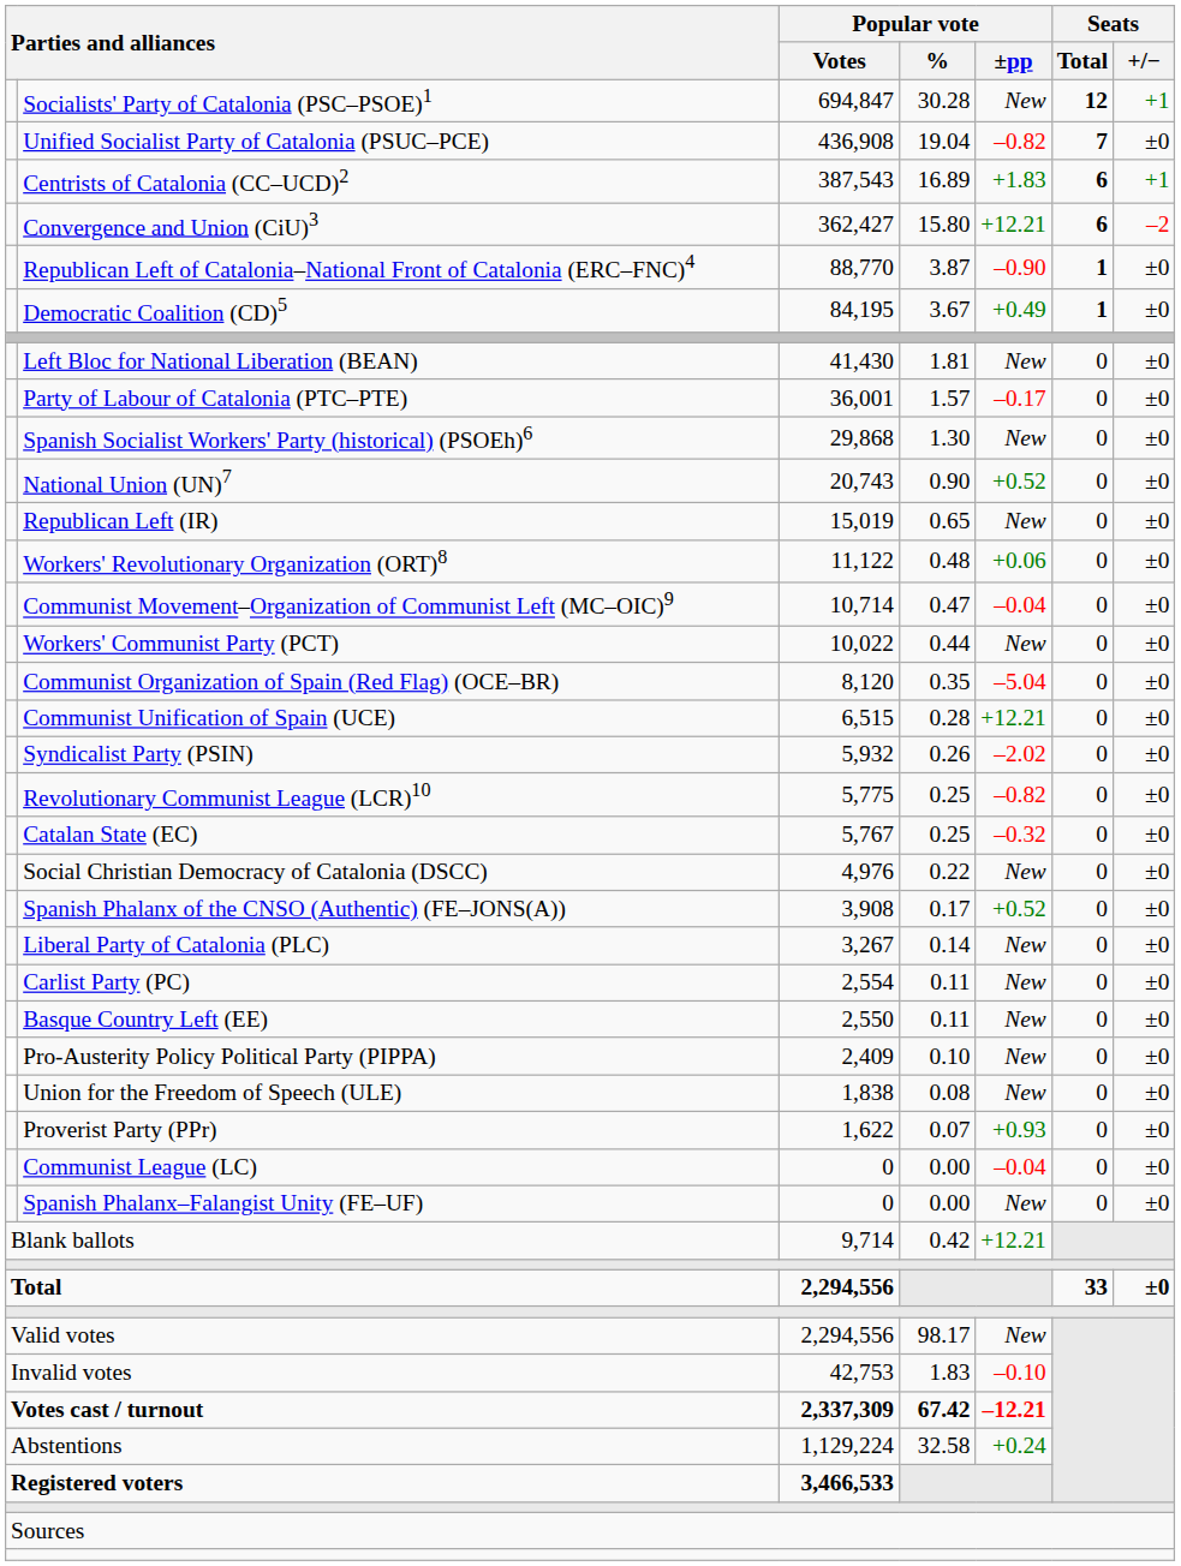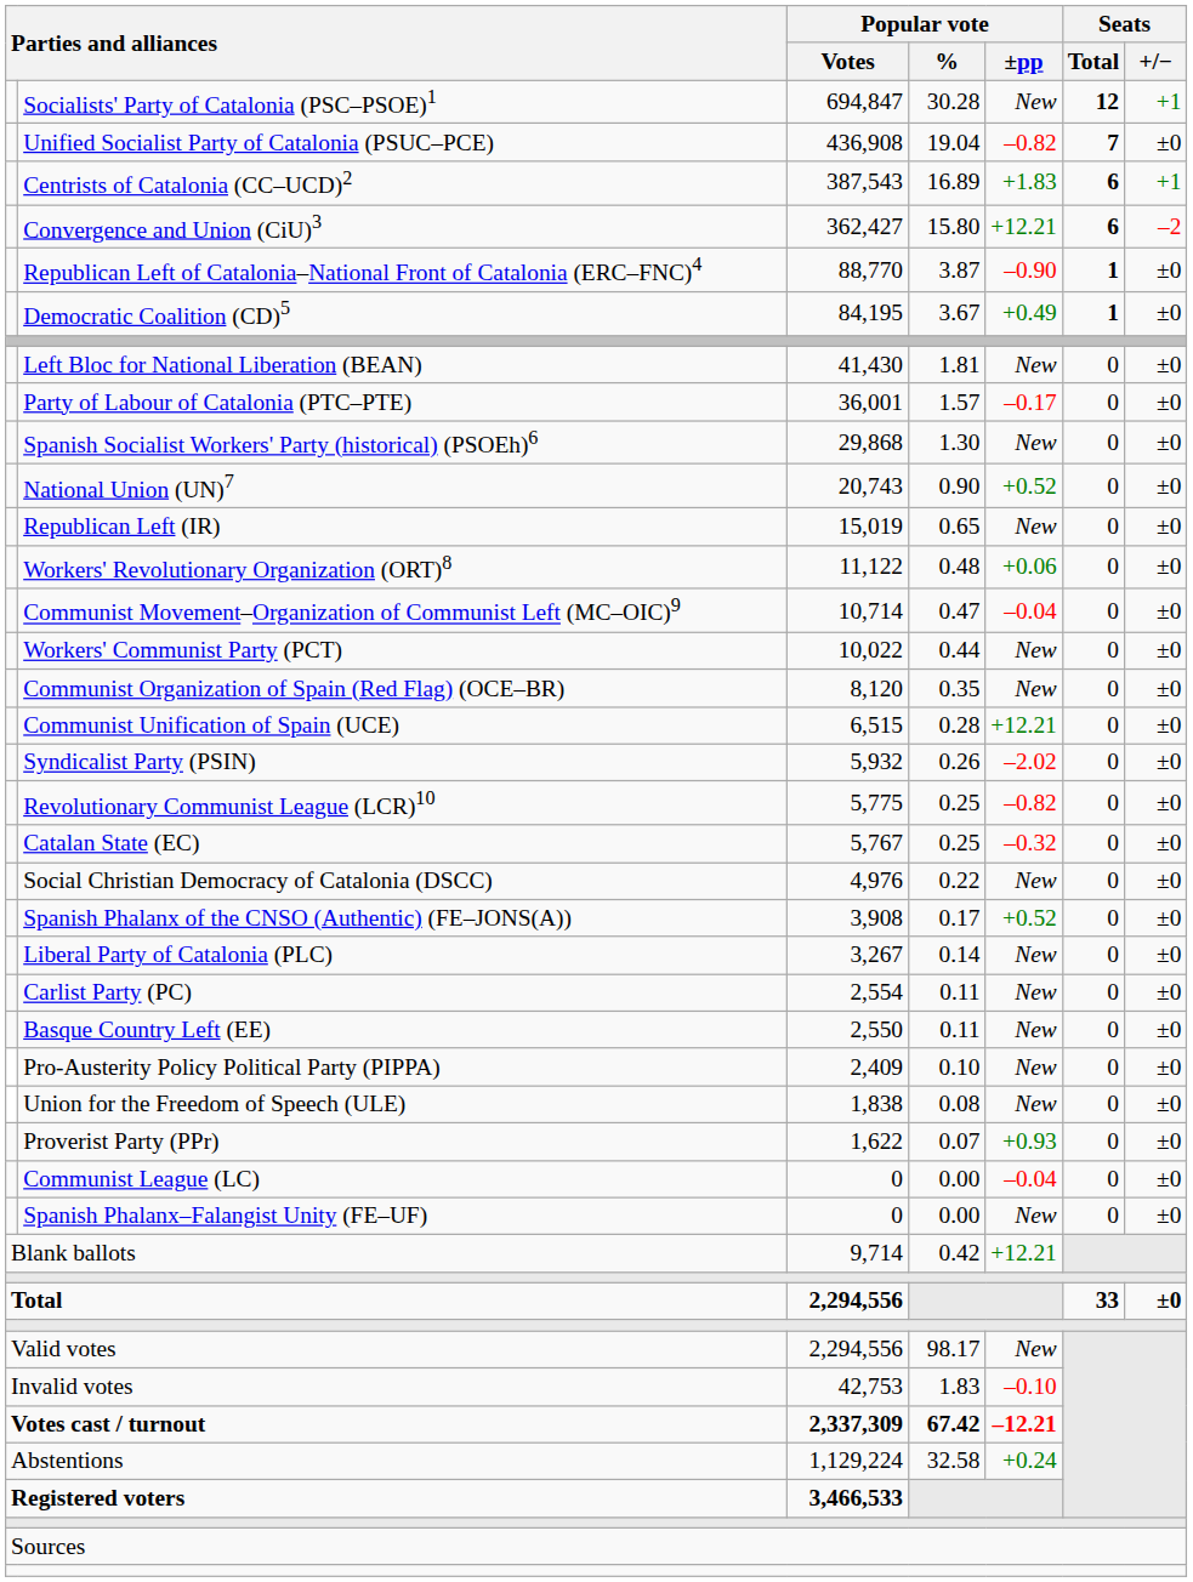 <table class="wikitable" style="text-align:right;">
 <tr>
 <th style="text-align:left;" rowspan="2" colspan="2" width="525">Parties and alliances</th>
 <th colspan="3">Popular vote</th>
 <th colspan="2">Seats</th>
 </tr>
 <tr>
 <th width="75">Votes</th>
 <th width="45">%</th>
 <th width="45">±<a href='#'>pp</a></th>
 <th width="35">Total</th>
 <th width="35">+/−</th>
 </tr>
 <tr>
 <td width="1" style="color:inherit;background:"></td>
 <td align="left"><a href='#'>Socialists' Party of Catalonia</a> (PSC–PSOE)<sup>1</sup></td>
 <td>694,847</td>
 <td>30.28</td>
 <td><em>New</em></td>
 <td><strong>12</strong></td>
 <td style="color:green;">+1</td>
 </tr>
 <tr>
 <td style="color:inherit;background:"></td>
 <td align="left"><a href='#'>Unified Socialist Party of Catalonia</a> (PSUC–PCE)</td>
 <td>436,908</td>
 <td>19.04</td>
 <td style="color:red;">–0.82</td>
 <td><strong>7</strong></td>
 <td>±0</td>
 </tr>
 <tr>
 <td style="color:inherit;background:"></td>
 <td align="left"><a href='#'>Centrists of Catalonia</a> (CC–UCD)<sup>2</sup></td>
 <td>387,543</td>
 <td>16.89</td>
 <td style="color:green;">+1.83</td>
 <td><strong>6</strong></td>
 <td style="color:green;">+1</td>
 </tr>
 <tr>
 <td style="color:inherit;background:"></td>
 <td align="left"><a href='#'>Convergence and Union</a> (CiU)<sup>3</sup></td>
 <td>362,427</td>
 <td>15.80</td>
 <td style="color:green;">+12.21</td>
 <td><strong>6</strong></td>
 <td style="color:red;">–2</td>
 </tr>
 <tr>
 <td style="color:inherit;background:"></td>
 <td align="left"><a href='#'>Republican Left of Catalonia</a>–<a href='#'>National Front of Catalonia</a> (ERC–FNC)<sup>4</sup></td>
 <td>88,770</td>
 <td>3.87</td>
 <td style="color:red;">–0.90</td>
 <td><strong>1</strong></td>
 <td>±0</td>
 </tr>
 <tr>
 <td style="color:inherit;background:"></td>
 <td align="left"><a href='#'>Democratic Coalition</a> (CD)<sup>5</sup></td>
 <td>84,195</td>
 <td>3.67</td>
 <td style="color:green;">+0.49</td>
 <td><strong>1</strong></td>
 <td>±0</td>
 </tr>
 <tr>
 <td colspan="7" bgcolor="#C0C0C0"></td>
 </tr>
 <tr>
 <td style="color:inherit;background:"></td>
 <td align="left"><a href='#'>Left Bloc for National Liberation</a> (BEAN)</td>
 <td>41,430</td>
 <td>1.81</td>
 <td><em>New</em></td>
 <td>0</td>
 <td>±0</td>
 </tr>
 <tr>
 <td style="color:inherit;background:"></td>
 <td align="left"><a href='#'>Party of Labour of Catalonia</a> (PTC–PTE)</td>
 <td>36,001</td>
 <td>1.57</td>
 <td style="color:red;">–0.17</td>
 <td>0</td>
 <td>±0</td>
 </tr>
 <tr>
 <td style="color:inherit;background:"></td>
 <td align="left"><a href='#'>Spanish Socialist Workers' Party (historical)</a> (PSOEh)<sup>6</sup></td>
 <td>29,868</td>
 <td>1.30</td>
 <td><em>New</em></td>
 <td>0</td>
 <td>±0</td>
 </tr>
 <tr>
 <td style="color:inherit;background:"></td>
 <td align="left"><a href='#'>National Union</a> (UN)<sup>7</sup></td>
 <td>20,743</td>
 <td>0.90</td>
 <td style="color:green;">+0.52</td>
 <td>0</td>
 <td>±0</td>
 </tr>
 <tr>
 <td style="color:inherit;background:"></td>
 <td align="left"><a href='#'>Republican Left</a> (IR)</td>
 <td>15,019</td>
 <td>0.65</td>
 <td><em>New</em></td>
 <td>0</td>
 <td>±0</td>
 </tr>
 <tr>
 <td style="color:inherit;background:"></td>
 <td align="left"><a href='#'>Workers' Revolutionary Organization</a> (ORT)<sup>8</sup></td>
 <td>11,122</td>
 <td>0.48</td>
 <td style="color:green;">+0.06</td>
 <td>0</td>
 <td>±0</td>
 </tr>
 <tr>
 <td style="color:inherit;background:"></td>
 <td align="left"><a href='#'>Communist Movement</a>–<a href='#'>Organization of Communist Left</a> (MC–OIC)<sup>9</sup></td>
 <td>10,714</td>
 <td>0.47</td>
 <td style="color:red;">–0.04</td>
 <td>0</td>
 <td>±0</td>
 </tr>
 <tr>
 <td style="color:inherit;background:"></td>
 <td align="left"><a href='#'>Workers' Communist Party</a> (PCT)</td>
 <td>10,022</td>
 <td>0.44</td>
 <td><em>New</em></td>
 <td>0</td>
 <td>±0</td>
 </tr>
 <tr>
 <td style="color:inherit;background:"></td>
 <td align="left"><a href='#'>Communist Organization of Spain (Red Flag)</a> (OCE–BR)</td>
 <td>8,120</td>
 <td>0.35</td>
-<td style="color:red;">–5.04</td>
+<td><em>New</em></td>
 <td>0</td>
 <td>±0</td>
 </tr>
 <tr>
 <td style="color:inherit;background:"></td>
 <td align="left"><a href='#'>Communist Unification of Spain</a> (UCE)</td>
 <td>6,515</td>
 <td>0.28</td>
 <td style="color:green;">+12.21</td>
 <td>0</td>
 <td>±0</td>
 </tr>
 <tr>
 <td style="color:inherit;background:"></td>
 <td align="left"><a href='#'>Syndicalist Party</a> (PSIN)</td>
 <td>5,932</td>
 <td>0.26</td>
 <td style="color:red;">–2.02</td>
 <td>0</td>
 <td>±0</td>
 </tr>
 <tr>
 <td style="color:inherit;background:"></td>
 <td align="left"><a href='#'>Revolutionary Communist League</a> (LCR)<sup>10</sup></td>
 <td>5,775</td>
 <td>0.25</td>
 <td style="color:red;">–0.82</td>
 <td>0</td>
 <td>±0</td>
 </tr>
 <tr>
 <td style="color:inherit;background:"></td>
 <td align="left"><a href='#'>Catalan State</a> (EC)</td>
 <td>5,767</td>
 <td>0.25</td>
 <td style="color:red;">–0.32</td>
 <td>0</td>
 <td>±0</td>
 </tr>
 <tr>
 <td style="color:inherit;background:"></td>
 <td align="left">Social Christian Democracy of Catalonia (DSCC)</td>
 <td>4,976</td>
 <td>0.22</td>
 <td><em>New</em></td>
 <td>0</td>
 <td>±0</td>
 </tr>
 <tr>
 <td style="color:inherit;background:"></td>
 <td align="left"><a href='#'>Spanish Phalanx of the CNSO (Authentic)</a> (FE–JONS(A))</td>
 <td>3,908</td>
 <td>0.17</td>
 <td style="color:green;">+0.52</td>
 <td>0</td>
 <td>±0</td>
 </tr>
 <tr>
 <td style="color:inherit;background:"></td>
 <td align="left"><a href='#'>Liberal Party of Catalonia</a> (PLC)</td>
 <td>3,267</td>
 <td>0.14</td>
 <td><em>New</em></td>
 <td>0</td>
 <td>±0</td>
 </tr>
 <tr>
 <td style="color:inherit;background:"></td>
 <td align="left"><a href='#'>Carlist Party</a> (PC)</td>
 <td>2,554</td>
 <td>0.11</td>
 <td><em>New</em></td>
 <td>0</td>
 <td>±0</td>
 </tr>
 <tr>
 <td style="color:inherit;background:"></td>
 <td align="left"><a href='#'>Basque Country Left</a> (EE)</td>
 <td>2,550</td>
 <td>0.11</td>
 <td><em>New</em></td>
 <td>0</td>
 <td>±0</td>
 </tr>
 <tr>
 <td bgcolor="white"></td>
 <td align="left">Pro-Austerity Policy Political Party (PIPPA)</td>
 <td>2,409</td>
 <td>0.10</td>
 <td><em>New</em></td>
 <td>0</td>
 <td>±0</td>
 </tr>
 <tr>
 <td bgcolor="white"></td>
 <td align="left">Union for the Freedom of Speech (ULE)</td>
 <td>1,838</td>
 <td>0.08</td>
 <td><em>New</em></td>
 <td>0</td>
 <td>±0</td>
 </tr>
 <tr>
 <td style="color:inherit;background:"></td>
 <td align="left">Proverist Party (PPr)</td>
 <td>1,622</td>
 <td>0.07</td>
 <td style="color:green;">+0.93</td>
 <td>0</td>
 <td>±0</td>
 </tr>
 <tr>
 <td style="color:inherit;background:"></td>
 <td align="left"><a href='#'>Communist League</a> (LC)</td>
 <td>0</td>
 <td>0.00</td>
 <td style="color:red;">–0.04</td>
 <td>0</td>
 <td>±0</td>
 </tr>
 <tr>
 <td style="color:inherit;background:"></td>
 <td align="left"><a href='#'>Spanish Phalanx–Falangist Unity</a> (FE–UF)</td>
 <td>0</td>
 <td>0.00</td>
 <td><em>New</em></td>
 <td>0</td>
 <td>±0</td>
 </tr>
 <tr>
 <td align="left" colspan="2">Blank ballots</td>
 <td>9,714</td>
 <td>0.42</td>
 <td style="color:green;">+12.21</td>
 <td bgcolor="#E9E9E9" colspan="2"></td>
 </tr>
 <tr>
 <td colspan="7" bgcolor="#E9E9E9"></td>
 </tr>
 <tr style="font-weight:bold;">
 <td align="left" colspan="2">Total</td>
 <td>2,294,556</td>
 <td bgcolor="#E9E9E9" colspan="2"></td>
 <td>33</td>
 <td>±0</td>
 </tr>
 <tr>
 <td colspan="7" bgcolor="#E9E9E9"></td>
 </tr>
 <tr>
 <td align="left" colspan="2">Valid votes</td>
 <td>2,294,556</td>
 <td>98.17</td>
 <td><em>New</em></td>
 <td bgcolor="#E9E9E9" colspan="2" rowspan="5"></td>
 </tr>
 <tr>
 <td align="left" colspan="2">Invalid votes</td>
 <td>42,753</td>
 <td>1.83</td>
 <td style="color:red;">–0.10</td>
 </tr>
 <tr style="font-weight:bold;">
 <td align="left" colspan="2">Votes cast / turnout</td>
 <td>2,337,309</td>
 <td>67.42</td>
 <td style="color:red;">–12.21</td>
 </tr>
 <tr>
 <td align="left" colspan="2">Abstentions</td>
 <td>1,129,224</td>
 <td>32.58</td>
 <td style="color:green;">+0.24</td>
 </tr>
 <tr style="font-weight:bold;">
 <td align="left" colspan="2">Registered voters</td>
 <td>3,466,533</td>
 <td bgcolor="#E9E9E9" colspan="2"></td>
 </tr>
 <tr>
 <td colspan="7" bgcolor="#E9E9E9"></td>
 </tr>
 <tr>
 <td align="left" colspan="7">Sources</td>
 </tr>
 <tr>
 <td colspan="7" style="text-align:left; max-width:790px;"></td>
 </tr>
 </table>
